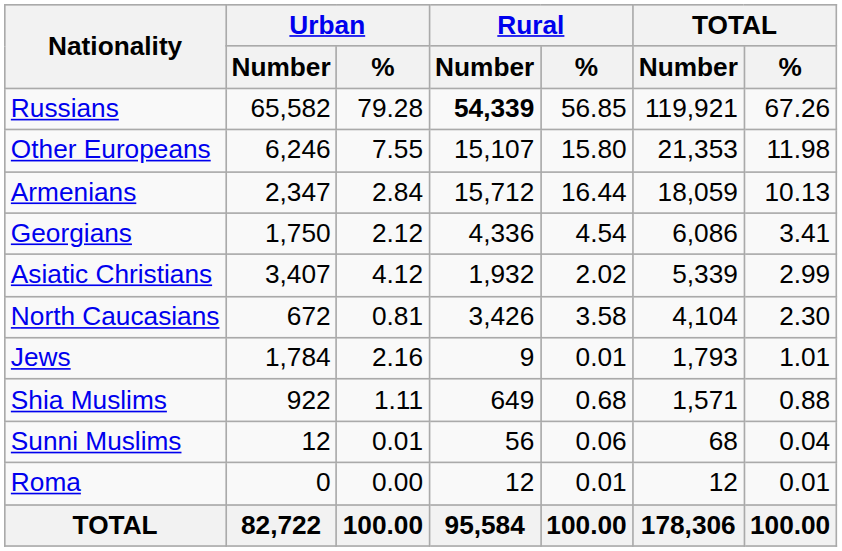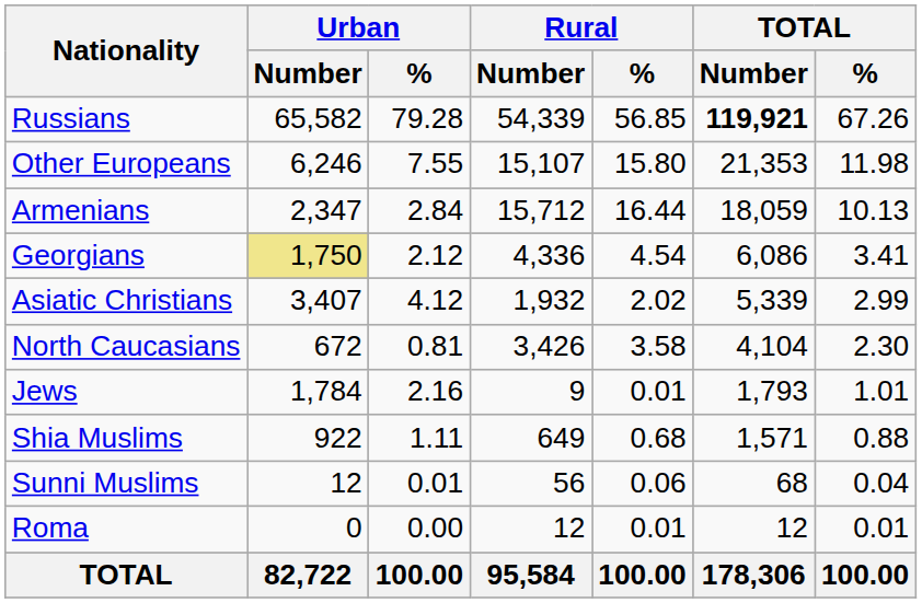 <table class="wikitable sortable">
 <tr>
 <th rowspan="2">Nationality</th>
 <th colspan="2"><a href='#'>Urban</a></th>
 <th colspan="2"><a href='#'>Rural</a></th>
 <th colspan="2">TOTAL</th>
 </tr>
 <tr>
 <th>Number</th>
 <th>%</th>
 <th>Number</th>
 <th>%</th>
 <th>Number</th>
 <th>%</th>
 </tr>
 <tr>
 <td><a href='#'>Russians</a></td>
 <td align="right">65,582</td>
 <td align="right">79.28</td>
-<td align="right"><strong>54,339</strong></td>
+<td align="right">54,339</td>
 <td align="right">56.85</td>
-<td align="right">119,921</td>
+<td align="right"><strong>119,921</strong></td>
 <td align="right">67.26</td>
 </tr>
 <tr>
 <td><a href='#'>Other Europeans</a></td>
 <td align="right">6,246</td>
 <td align="right">7.55</td>
 <td align="right">15,107</td>
 <td align="right">15.80</td>
 <td align="right">21,353</td>
 <td align="right">11.98</td>
 </tr>
 <tr>
 <td><a href='#'>Armenians</a></td>
 <td align="right">2,347</td>
 <td align="right">2.84</td>
 <td align="right">15,712</td>
 <td align="right">16.44</td>
 <td align="right">18,059</td>
 <td align="right">10.13</td>
 </tr>
 <tr>
 <td><a href='#'>Georgians</a></td>
-<td align="right">1,750</td>
+<td align="right" style="background: khaki;">1,750</td>
 <td align="right">2.12</td>
 <td align="right">4,336</td>
 <td align="right">4.54</td>
 <td align="right">6,086</td>
 <td align="right">3.41</td>
 </tr>
 <tr>
 <td><a href='#'>Asiatic Christians</a></td>
 <td align="right">3,407</td>
 <td align="right">4.12</td>
 <td align="right">1,932</td>
 <td align="right">2.02</td>
 <td align="right">5,339</td>
 <td align="right">2.99</td>
 </tr>
 <tr>
 <td><a href='#'>North Caucasians</a></td>
 <td align="right">672</td>
 <td align="right">0.81</td>
 <td align="right">3,426</td>
 <td align="right">3.58</td>
 <td align="right">4,104</td>
 <td align="right">2.30</td>
 </tr>
 <tr>
 <td><a href='#'>Jews</a></td>
 <td align="right">1,784</td>
 <td align="right">2.16</td>
 <td align="right">9</td>
 <td align="right">0.01</td>
 <td align="right">1,793</td>
 <td align="right">1.01</td>
 </tr>
 <tr>
 <td><a href='#'>Shia Muslims</a></td>
 <td align="right">922</td>
 <td align="right">1.11</td>
 <td align="right">649</td>
 <td align="right">0.68</td>
 <td align="right">1,571</td>
 <td align="right">0.88</td>
 </tr>
 <tr>
 <td><a href='#'>Sunni Muslims</a></td>
 <td align="right">12</td>
 <td align="right">0.01</td>
 <td align="right">56</td>
 <td align="right">0.06</td>
 <td align="right">68</td>
 <td align="right">0.04</td>
 </tr>
 <tr>
 <td><a href='#'>Roma</a></td>
 <td align="right">0</td>
 <td align="right">0.00</td>
 <td align="right">12</td>
 <td align="right">0.01</td>
 <td align="right">12</td>
 <td align="right">0.01</td>
 </tr>
 <tr>
 <th>TOTAL</th>
 <th>82,722</th>
 <th>100.00</th>
 <th>95,584</th>
 <th>100.00</th>
 <th>178,306</th>
 <th>100.00</th>
 </tr>
 </table>
